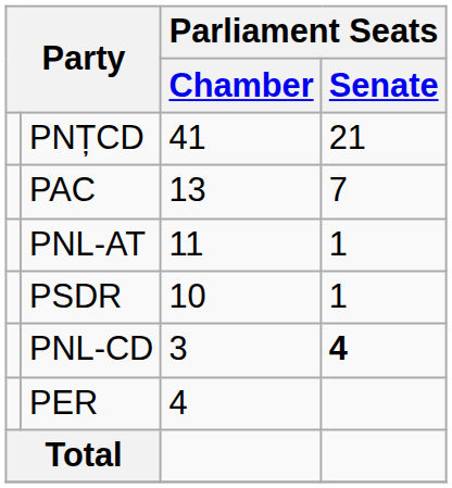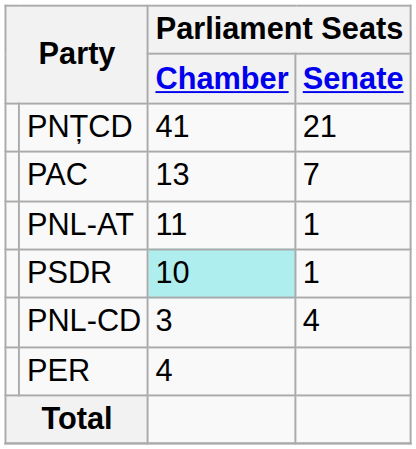 <table class=wikitable style="float:right; margin-left: 10px;">
 <tr>
 <th rowspan="2" colspan=2>Party</th>
 <th colspan="2">Parliament Seats</th>
 </tr>
 <tr>
 <th><a href='#'>Chamber</a></th>
 <th><a href='#'>Senate</a></th>
 </tr>
 <tr>
 <td></td>
 <td style="text-align: left;">PNȚCD</td>
 <td>41</td>
 <td>21</td>
 </tr>
 <tr>
 <td></td>
 <td style="text-align: left;">PAC</td>
 <td>13</td>
 <td>7</td>
 </tr>
 <tr>
 <td></td>
 <td style="text-align: left;">PNL-AT</td>
 <td>11</td>
 <td>1</td>
 </tr>
 <tr>
 <td></td>
 <td style="text-align: left;">PSDR</td>
-<td>10</td>
+<td style="background: paleturquoise;">10</td>
 <td>1</td>
 </tr>
 <tr>
 <td></td>
 <td style="text-align: left;">PNL-CD</td>
 <td>3</td>
-<td><strong>4</strong></td>
+<td>4</td>
 </tr>
 <tr>
 <td></td>
 <td style="text-align: left;">PER</td>
 <td>4</td>
 <td></td>
 </tr>
 <tr>
 <th colspan=2>Total</th>
 <td></td>
 <td></td>
 </tr>
 <tr>
 </tr>
 </table>
